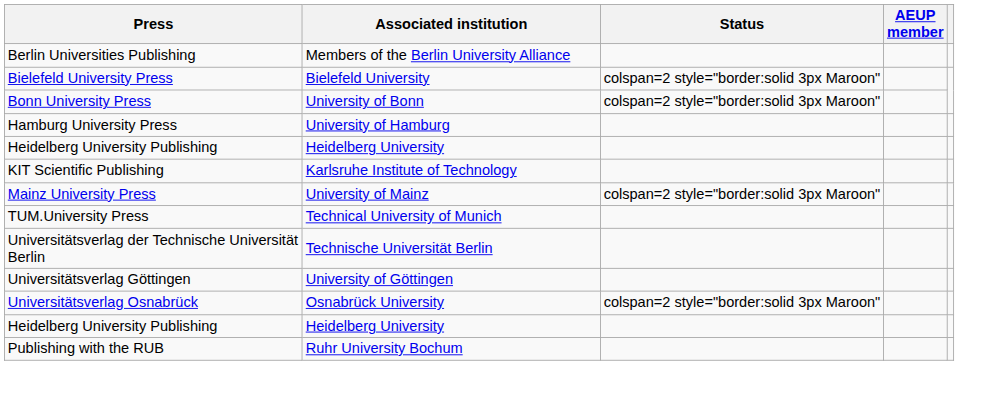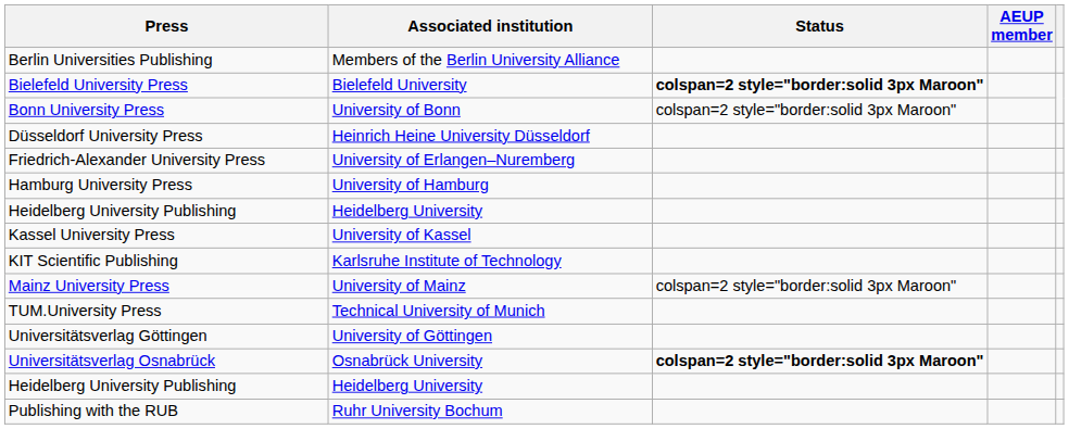 <table class="wikitable sortable">
 <tr>
 <th style="width:20em">Press</th>
 <th style="width:20em">Associated institution</th>
 <th>Status</th>
 <th><a href='#'>AEUP<br>member</a></th>
 <th></th>
 </tr>
 <tr>
 <td>Berlin Universities Publishing</td>
 <td>Members of the <a href='#'>Berlin University Alliance</a></td>
 <td></td>
 <td></td>
 <td></td>
 </tr>
 <tr>
 <td><a href='#'>Bielefeld University Press</a></td>
 <td><a href='#'>Bielefeld University</a></td>
-<td>colspan=2 style="border:solid 3px Maroon" </td>
+<td><strong>colspan=2 style="border:solid 3px Maroon" </strong></td>
 <td></td>
 </tr>
 <tr>
 <td><a href='#'>Bonn University Press</a></td>
 <td><a href='#'>University of Bonn</a></td>
 <td>colspan=2 style="border:solid 3px Maroon" </td>
+<td></td>
+</tr>
+<tr>
+<td>Düsseldorf University Press</td>
+<td><a href='#'>Heinrich Heine University Düsseldorf</a></td>
+<td></td>
+<td></td>
+<td></td>
+</tr>
+<tr>
+<td>Friedrich-Alexander University Press</td>
+<td><a href='#'>University of Erlangen–Nuremberg</a></td>
+<td></td>
+<td></td>
 <td></td>
 </tr>
 <tr>
 <td>Hamburg University Press</td>
 <td><a href='#'>University of Hamburg</a></td>
 <td></td>
 <td></td>
 <td></td>
 </tr>
 <tr>
 <td>Heidelberg University Publishing</td>
 <td><a href='#'>Heidelberg University</a></td>
+<td></td>
+<td></td>
+<td></td>
+</tr>
+<tr>
+<td>Kassel University Press</td>
+<td><a href='#'>University of Kassel</a></td>
 <td></td>
 <td></td>
 <td></td>
 </tr>
 <tr>
 <td>KIT Scientific Publishing</td>
 <td><a href='#'>Karlsruhe Institute of Technology</a></td>
 <td></td>
 <td></td>
 <td></td>
 </tr>
 <tr>
 <td><a href='#'>Mainz University Press</a></td>
 <td><a href='#'>University of Mainz</a></td>
 <td>colspan=2 style="border:solid 3px Maroon" </td>
 <td></td>
 </tr>
 <tr>
 <td>TUM.University Press</td>
 <td><a href='#'>Technical University of Munich</a></td>
 <td></td>
 <td></td>
 <td></td>
 </tr>
 <tr>
-<td>Universitätsverlag der Technische Universität Berlin</td>
-<td><a href='#'>Technische Universität Berlin</a></td>
-<td></td>
-<td></td>
-<td></td>
-</tr>
-<tr>
 <td>Universitätsverlag Göttingen</td>
 <td><a href='#'>University of Göttingen</a></td>
 <td></td>
 <td></td>
 <td></td>
 </tr>
 <tr>
 <td><a href='#'>Universitätsverlag Osnabrück</a></td>
 <td><a href='#'>Osnabrück University</a></td>
-<td>colspan=2 style="border:solid 3px Maroon" </td>
+<td><strong>colspan=2 style="border:solid 3px Maroon" </strong></td>
 <td></td>
 </tr>
 <tr>
 <td>Heidelberg University Publishing</td>
 <td><a href='#'>Heidelberg University</a></td>
 <td></td>
 <td></td>
 <td></td>
 </tr>
 <tr>
 <td>Publishing with the RUB</td>
 <td><a href='#'>Ruhr University Bochum</a></td>
 <td></td>
 <td></td>
 <td></td>
 </tr>
 </table>
